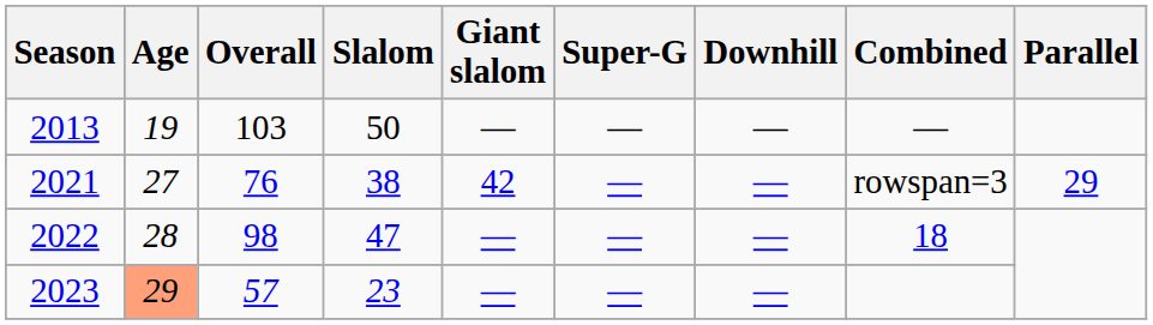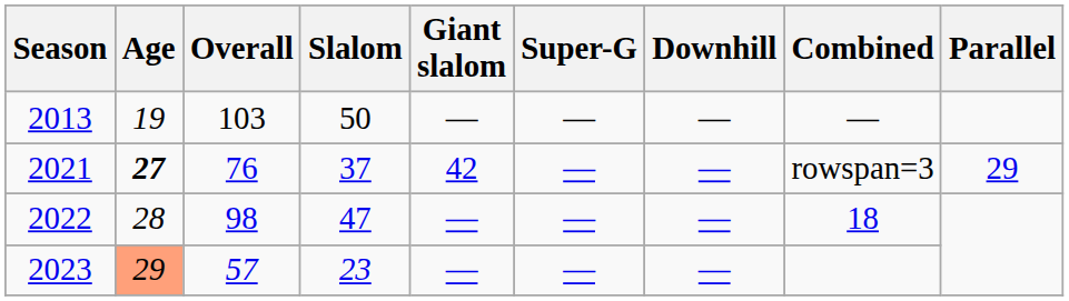 <table class=wikitable style="text-align:center">
 <tr>
 <th>Season</th>
 <th>Age</th>
 <th>Overall</th>
 <th>Slalom</th>
 <th>Giant<br>slalom</th>
 <th>Super-G</th>
 <th>Downhill</th>
 <th>Combined</th>
 <th>Parallel</th>
 </tr>
 <tr>
 <td><a href='#'>2013</a></td>
 <td><em>19</em></td>
 <td>103</td>
 <td>50</td>
 <td>—</td>
 <td>—</td>
 <td>—</td>
 <td>—</td>
 <td></td>
 </tr>
 <tr>
 <td><a href='#'>2021</a></td>
-<td><em>27</em></td>
+<td><strong><em>27</em></strong></td>
 <td><a href='#'>76</a></td>
-<td><a href='#'>38</a></td>
+<td><a href='#'>37</a></td>
 <td><a href='#'>42</a></td>
 <td><a href='#'>—</a></td>
 <td><a href='#'>—</a></td>
 <td>rowspan=3 </td>
 <td><a href='#'>29</a></td>
 </tr>
 <tr>
 <td><a href='#'>2022</a></td>
 <td><em>28</em></td>
 <td><a href='#'>98</a></td>
 <td><a href='#'>47</a></td>
 <td><a href='#'>—</a></td>
 <td><a href='#'>—</a></td>
 <td><a href='#'>—</a></td>
 <td><a href='#'>18</a></td>
 </tr>
 <tr>
 <td><a href='#'>2023</a></td>
 <td style="background: lightsalmon;"><em>29</em></td>
 <td><em><a href='#'>57</a></em></td>
 <td><em><a href='#'>23</a></em></td>
 <td><a href='#'>—</a></td>
 <td><a href='#'>—</a></td>
 <td><a href='#'>—</a></td>
 <td></td>
 </tr>
 </table>
